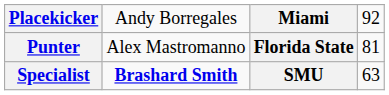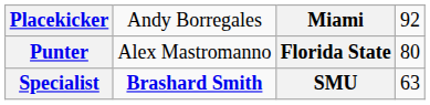 <table class="wikitable" style="text-align: center;">
 <tr>
 <th rowspan="1"><a href='#'>Placekicker</a></th>
 <td>Andy Borregales</td>
 <th>Miami</th>
 <td>92</td>
 </tr>
 <tr>
 <th rowspan="1"><a href='#'>Punter</a></th>
 <td>Alex Mastromanno</td>
 <th>Florida State</th>
-<td>81</td>
+<td>80</td>
 </tr>
 <tr>
 <th rowspan="1"><a href='#'>Specialist</a></th>
 <td><strong><a href='#'>Brashard Smith</a></strong></td>
 <th>SMU</th>
 <td>63</td>
 </tr>
 </table>
